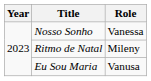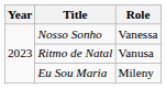 <table class="wikitable">
 <tr>
 <th>Year</th>
 <th>Title</th>
 <th>Role</th>
 </tr>
 <tr>
 <td rowspan="3">2023</td>
 <td><em>Nosso Sonho</em></td>
 <td>Vanessa</td>
 </tr>
 <tr>
 <td><em>Ritmo de Natal</em></td>
-<td>Mileny</td>
+<td>Vanusa</td>
 </tr>
 <tr>
 <td><em>Eu Sou Maria</em></td>
-<td>Vanusa</td>
+<td>Mileny</td>
 </tr>
 </table>
